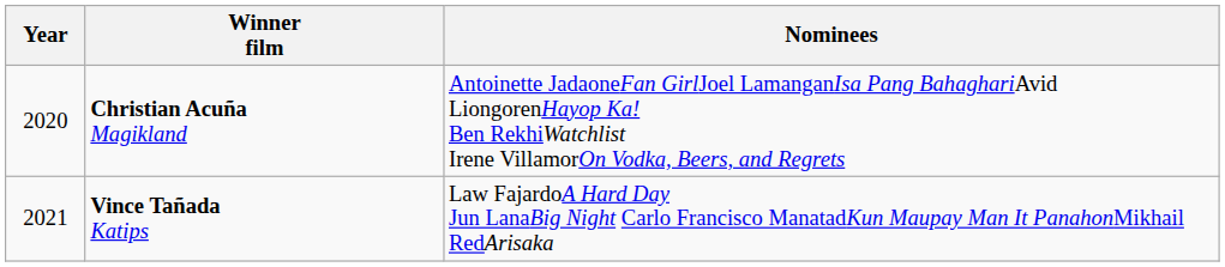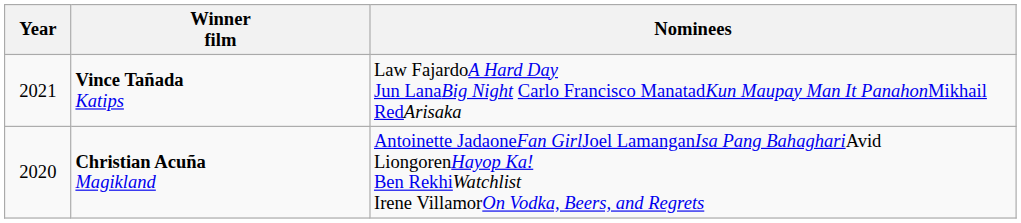 <table class="wikitable">
 <tr>
 <th width="50">Year</th>
 <th width="250">Winner<br>film</th>
 <th width="550">Nominees</th>
 </tr>
 <tr>
+<td align="center">2021</td>
+<td><strong>Vince Tañada<br></strong><em><a href='#'>Katips</a></em></td>
+<td>Law Fajardo<em><a href='#'>A Hard Day</a></em><br><a href='#'>Jun Lana</a><em><a href='#'>Big Night</a></em> <a href='#'>Carlo Francisco Manatad</a><em><a href='#'>Kun Maupay Man It Panahon</a></em><a href='#'>Mikhail Red</a><em>Arisaka</em></td>
+</tr>
+<tr>
 <td align="center">2020</td>
 <td><strong>Christian Acuña</strong><br><em><a href='#'>Magikland</a></em></td>
 <td><a href='#'>Antoinette Jadaone</a><em><a href='#'>Fan Girl</a></em><a href='#'>Joel Lamangan</a><em><a href='#'>Isa Pang Bahaghari</a></em>Avid Liongoren<em><a href='#'>Hayop Ka!</a></em><br><a href='#'>Ben Rekhi</a><em>Watchlist</em><br>Irene Villamor<em><a href='#'>On Vodka, Beers, and Regrets</a></em></td>
 </tr>
-<tr>
-<td align="center">2021</td>
-<td><strong>Vince Tañada<br></strong><em><a href='#'>Katips</a></em></td>
-<td>Law Fajardo<em><a href='#'>A Hard Day</a></em><br><a href='#'>Jun Lana</a><em><a href='#'>Big Night</a></em> <a href='#'>Carlo Francisco Manatad</a><em><a href='#'>Kun Maupay Man It Panahon</a></em><a href='#'>Mikhail Red</a><em>Arisaka</em></td>
-</tr>
 </table>
